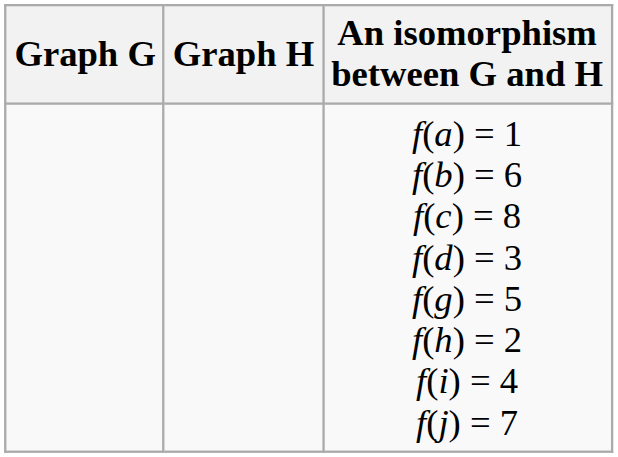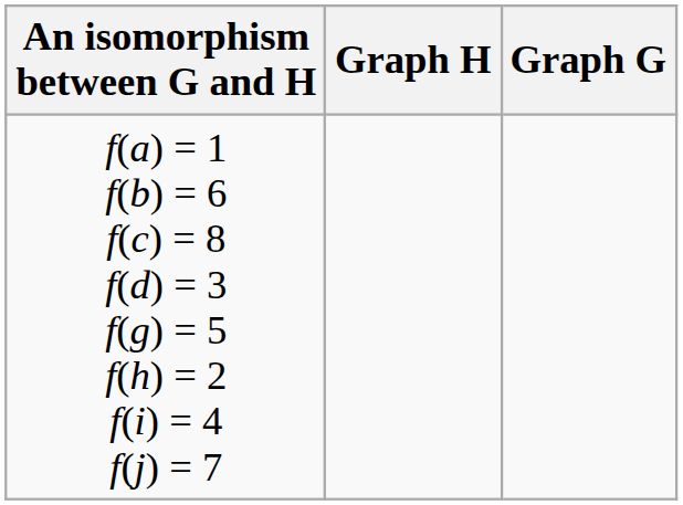 <table class="wikitable" style="margin: 1em auto 1em auto">
 <tr>
+<th>An isomorphism<br>between G and H</th>
+<th>Graph H</th>
 <th>Graph G</th>
-<th>Graph H</th>
-<th>An isomorphism<br>between G and H</th>
 </tr>
 <tr>
+<td align="center"><em>f</em>(<em>a</em>) = 1<br><em>f</em>(<em>b</em>) = 6<br><em>f</em>(<em>c</em>) = 8<br><em>f</em>(<em>d</em>) = 3<br><em>f</em>(<em>g</em>) = 5<br><em>f</em>(<em>h</em>) = 2<br><em>f</em>(<em>i</em>) = 4<br><em>f</em>(<em>j</em>) = 7</td>
+<td style="padding-left:1em;padding-right:1em;"></td>
 <td style="padding-left:2em;padding-right:2em;"></td>
-<td style="padding-left:1em;padding-right:1em;"></td>
-<td align="center"><em>f</em>(<em>a</em>) = 1<br><em>f</em>(<em>b</em>) = 6<br><em>f</em>(<em>c</em>) = 8<br><em>f</em>(<em>d</em>) = 3<br><em>f</em>(<em>g</em>) = 5<br><em>f</em>(<em>h</em>) = 2<br><em>f</em>(<em>i</em>) = 4<br><em>f</em>(<em>j</em>) = 7</td>
 </tr>
 </table>
